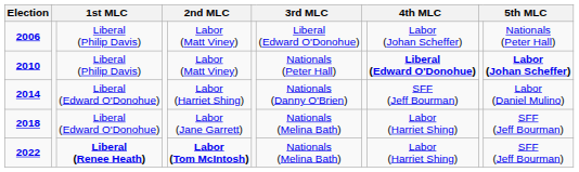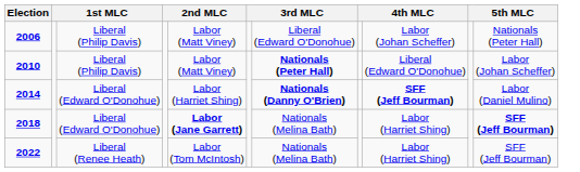 <table class=wikitable style=text-align:center>
 <tr>
 <th>Election</th>
 <th colspan=2>1st MLC</th>
 <th colspan=2>2nd MLC</th>
 <th colspan=2>3rd MLC</th>
 <th colspan=2>4th MLC</th>
 <th colspan=2>5th MLC</th>
 </tr>
 <tr>
 <td><strong><a href='#'>2006</a></strong></td>
 <td rowspan=5 ></td>
 <td><a href='#'>Liberal</a><br>(<a href='#'>Philip Davis</a>)</td>
 <td rowspan=5 ></td>
 <td><a href='#'>Labor</a><br>(<a href='#'>Matt Viney</a>)</td>
 <td></td>
 <td><a href='#'>Liberal</a><br>(<a href='#'>Edward O'Donohue</a>)</td>
 <td></td>
 <td><a href='#'>Labor</a><br>(<a href='#'>Johan Scheffer</a>)</td>
 <td></td>
 <td><a href='#'>Nationals</a><br>(<a href='#'>Peter Hall</a>)</td>
 </tr>
 <tr>
 <td><strong><a href='#'>2010</a></strong></td>
 <td><a href='#'>Liberal</a><br>(<a href='#'>Philip Davis</a>)</td>
 <td><a href='#'>Labor</a><br>(<a href='#'>Matt Viney</a>)</td>
 <td rowspan=4 ></td>
-<td><a href='#'>Nationals</a><br>(<a href='#'>Peter Hall</a>)</td>
+<td><strong><a href='#'>Nationals</a><br>(<a href='#'>Peter Hall</a>)</strong></td>
 <td></td>
-<td><strong><a href='#'>Liberal</a><br>(<a href='#'>Edward O'Donohue</a>)</strong></td>
+<td><a href='#'>Liberal</a><br>(<a href='#'>Edward O'Donohue</a>)</td>
 <td rowspan=2 ></td>
-<td><strong><a href='#'>Labor</a><br>(<a href='#'>Johan Scheffer</a>)</strong></td>
+<td><a href='#'>Labor</a><br>(<a href='#'>Johan Scheffer</a>)</td>
 </tr>
 <tr>
 <td><strong><a href='#'>2014</a></strong></td>
 <td><a href='#'>Liberal</a><br>(<a href='#'>Edward O'Donohue</a>)</td>
 <td><a href='#'>Labor</a><br>(<a href='#'>Harriet Shing</a>)</td>
-<td><a href='#'>Nationals</a><br>(<a href='#'>Danny O'Brien</a>)</td>
+<td><strong><a href='#'>Nationals</a><br>(<a href='#'>Danny O'Brien</a>)</strong></td>
 <td></td>
-<td><a href='#'>SFF</a><br>(<a href='#'>Jeff Bourman</a>)</td>
+<td><strong><a href='#'>SFF</a><br>(<a href='#'>Jeff Bourman</a>)</strong></td>
 <td><a href='#'>Labor</a><br>(<a href='#'>Daniel Mulino</a>)</td>
 </tr>
 <tr>
 <td><strong><a href='#'>2018</a></strong></td>
 <td><a href='#'>Liberal</a><br>(<a href='#'>Edward O'Donohue</a>)</td>
-<td><a href='#'>Labor</a><br>(<a href='#'>Jane Garrett</a>)</td>
+<td><strong><a href='#'>Labor</a><br>(<a href='#'>Jane Garrett</a>)</strong></td>
 <td><a href='#'>Nationals</a><br>(<a href='#'>Melina Bath</a>)</td>
 <td rowspan=2 ></td>
 <td><a href='#'>Labor</a><br>(<a href='#'>Harriet Shing</a>)</td>
 <td rowspan=2 ></td>
-<td><a href='#'>SFF</a><br>(<a href='#'>Jeff Bourman</a>)</td>
+<td><strong><a href='#'>SFF</a><br>(<a href='#'>Jeff Bourman</a>)</strong></td>
 </tr>
 <tr>
 <td><strong><a href='#'>2022</a></strong></td>
-<td><strong><a href='#'>Liberal</a><br>(<a href='#'>Renee Heath</a>)</strong></td>
-<td><strong><a href='#'>Labor</a><br>(<a href='#'>Tom McIntosh</a>)</strong></td>
+<td><a href='#'>Liberal</a><br>(<a href='#'>Renee Heath</a>)</td>
+<td><a href='#'>Labor</a><br>(<a href='#'>Tom McIntosh</a>)</td>
 <td><a href='#'>Nationals</a><br>(<a href='#'>Melina Bath</a>)</td>
 <td><a href='#'>Labor</a><br>(<a href='#'>Harriet Shing</a>)</td>
 <td><a href='#'>SFF</a><br>(<a href='#'>Jeff Bourman</a>)</td>
 </tr>
 </table>
